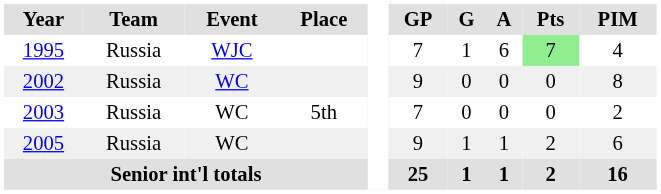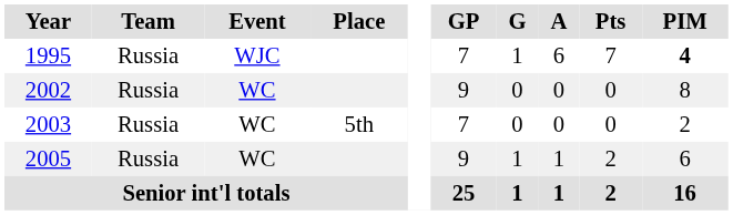 <table BORDER="0" CELLPADDING="3" CELLSPACING="0" width=40%>
 <tr ALIGN="center" bgcolor="#e0e0e0">
 <th>Year</th>
 <th>Team</th>
 <th>Event</th>
 <th>Place</th>
 <th ALIGN="center" rowspan="99" bgcolor="#ffffff"> </th>
 <th>GP</th>
 <th>G</th>
 <th>A</th>
 <th>Pts</th>
 <th>PIM</th>
 </tr>
 <tr ALIGN="center">
 <td><a href='#'>1995</a></td>
 <td>Russia</td>
 <td><a href='#'>WJC</a></td>
 <td></td>
 <td>7</td>
 <td>1</td>
 <td>6</td>
-<td style="background: lightgreen;">7</td>
-<td>4</td>
+<td>7</td>
+<td><strong>4</strong></td>
 </tr>
 <tr ALIGN="center"  bgcolor="#f0f0f0">
 <td><a href='#'>2002</a></td>
 <td>Russia</td>
 <td><a href='#'>WC</a></td>
 <td></td>
 <td>9</td>
 <td>0</td>
 <td>0</td>
 <td>0</td>
 <td>8</td>
 </tr>
 <tr ALIGN="center">
 <td><a href='#'>2003</a></td>
 <td>Russia</td>
 <td>WC</td>
 <td>5th</td>
 <td>7</td>
 <td>0</td>
 <td>0</td>
 <td>0</td>
 <td>2</td>
 </tr>
 <tr ALIGN="center"  bgcolor="#f0f0f0">
 <td><a href='#'>2005</a></td>
 <td>Russia</td>
 <td>WC</td>
 <td></td>
 <td>9</td>
 <td>1</td>
 <td>1</td>
 <td>2</td>
 <td>6</td>
 </tr>
 <tr bgcolor="#e0e0e0">
 <th colspan="4">Senior int'l totals</th>
 <th>25</th>
 <th>1</th>
 <th>1</th>
 <th>2</th>
 <th>16</th>
 </tr>
 </table>
